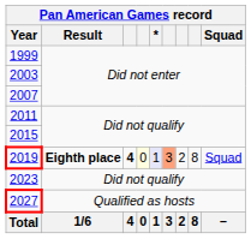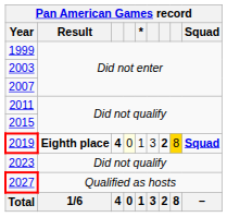 <table class="wikitable" style="text-align: center;">
 <tr>
 <th colspan="9"><a href='#'>Pan American Games</a> record</th>
 </tr>
 <tr>
 <th>Year</th>
 <th>Result</th>
 <th></th>
 <th></th>
 <th>*</th>
 <th></th>
 <th></th>
 <th></th>
 <th>Squad</th>
 </tr>
 <tr>
 <td> <a href='#'>1999</a></td>
 <td colspan="8" rowspan="3"><em>Did not enter</em></td>
 </tr>
 <tr>
 <td> <a href='#'>2003</a></td>
 </tr>
 <tr>
 <td> <a href='#'>2007</a></td>
 </tr>
 <tr>
 <td> <a href='#'>2011</a></td>
 <td colspan="8" rowspan="2"><em>Did not qualify</em></td>
 </tr>
 <tr>
 <td> <a href='#'>2015</a></td>
 </tr>
 <tr>
 <td style="border: 3px solid red"> <a href='#'>2019</a></td>
 <td><strong>Eighth place</strong></td>
 <td><strong>4</strong></td>
 <td style="background: lightyellow;">0</td>
-<td style="background: lavender;">1</td>
-<td style="background: lightsalmon;">3</td>
-<td>2</td>
-<td>8</td>
-<td><a href='#'>Squad</a></td>
+<td>1</td>
+<td>3</td>
+<td><strong>2</strong></td>
+<td style="background: gold;">8</td>
+<td><strong><a href='#'>Squad</a></strong></td>
 </tr>
 <tr>
 <td> <a href='#'>2023</a></td>
 <td colspan="8" rowspan="1"><em>Did not qualify</em></td>
 </tr>
 <tr>
 <td style="border: 3px solid red"> <a href='#'>2027</a></td>
 <td colspan="8" rowspan="1"><em>Qualified as hosts</em></td>
 </tr>
 <tr>
 <th>Total</th>
 <th>1/6</th>
 <th>4</th>
 <th>0</th>
 <th>1</th>
 <th>3</th>
 <th>2</th>
 <th>8</th>
 <th>–</th>
 </tr>
 </table>
